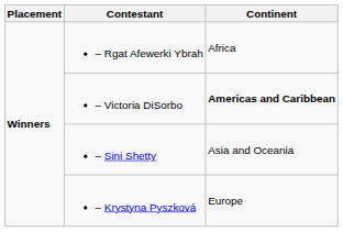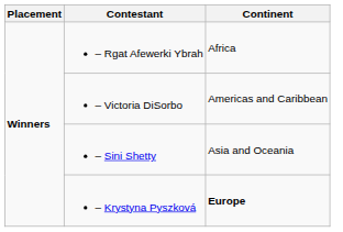 <table class="wikitable sortable" style="font-size:95%;">
 <tr>
 <th>Placement</th>
 <th>Contestant</th>
 <th>Continent</th>
 </tr>
 <tr>
 <td rowspan=4><strong>Winners</strong></td>
 <td><br><ul><li> – Rgat Afewerki Ybrah</li></ul></td>
 <td>Africa</td>
 </tr>
 <tr>
 <td><br><ul><li> – Victoria DiSorbo</li></ul></td>
-<td><strong>Americas and Caribbean</strong></td>
+<td>Americas and Caribbean</td>
 </tr>
 <tr>
 <td><br><ul><li> – <a href='#'>Sini Shetty</a></li></ul></td>
 <td>Asia and Oceania</td>
 </tr>
 <tr>
 <td><br><ul><li> – <a href='#'>Krystyna Pyszková</a></li></ul></td>
-<td>Europe</td>
+<td><strong>Europe</strong></td>
 </tr>
 </table>
